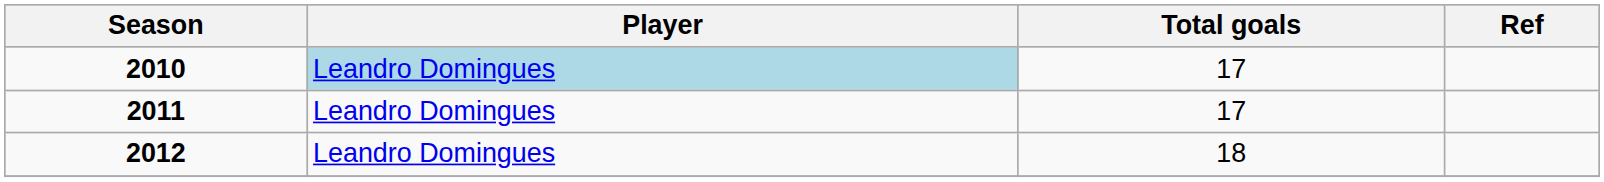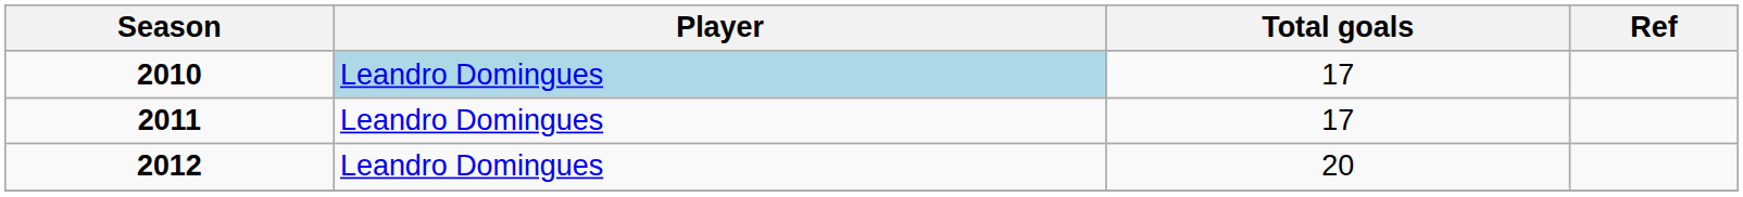 <table class="wikitable sortable" style="width:60%; align:center; text-align:center">
 <tr>
 <th>Season</th>
 <th class="unsortable">Player</th>
 <th>Total goals</th>
 <th>Ref</th>
 </tr>
 <tr>
 <td><strong>2010</strong></td>
 <td align="left" style="background: lightblue;"> <a href='#'>Leandro Domingues</a></td>
 <td>17</td>
 <td></td>
 </tr>
 <tr>
 <td><strong>2011</strong></td>
 <td align="left"> <a href='#'>Leandro Domingues</a></td>
 <td>17</td>
 <td></td>
 </tr>
 <tr>
 <td><strong>2012</strong></td>
 <td align="left"> <a href='#'>Leandro Domingues</a></td>
-<td>18</td>
+<td>20</td>
 <td></td>
 </tr>
 <tr>
 </tr>
 </table>
